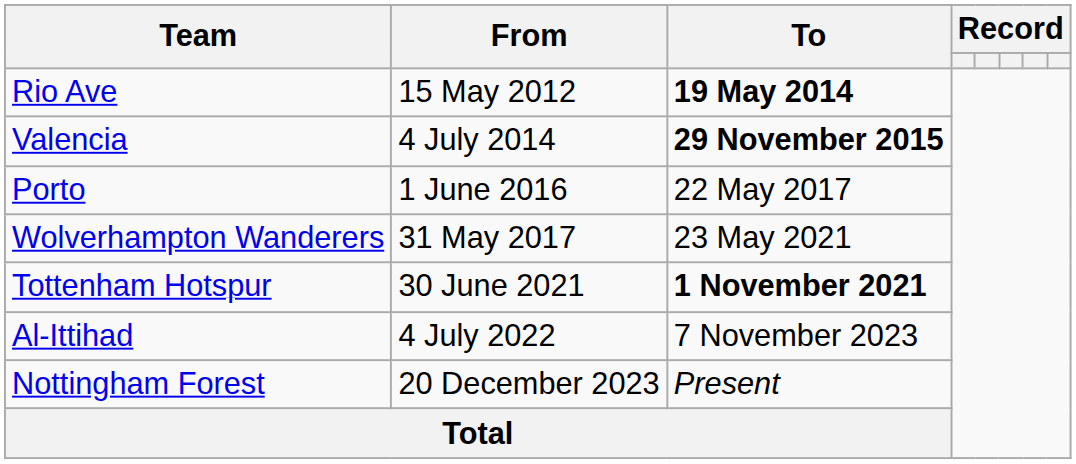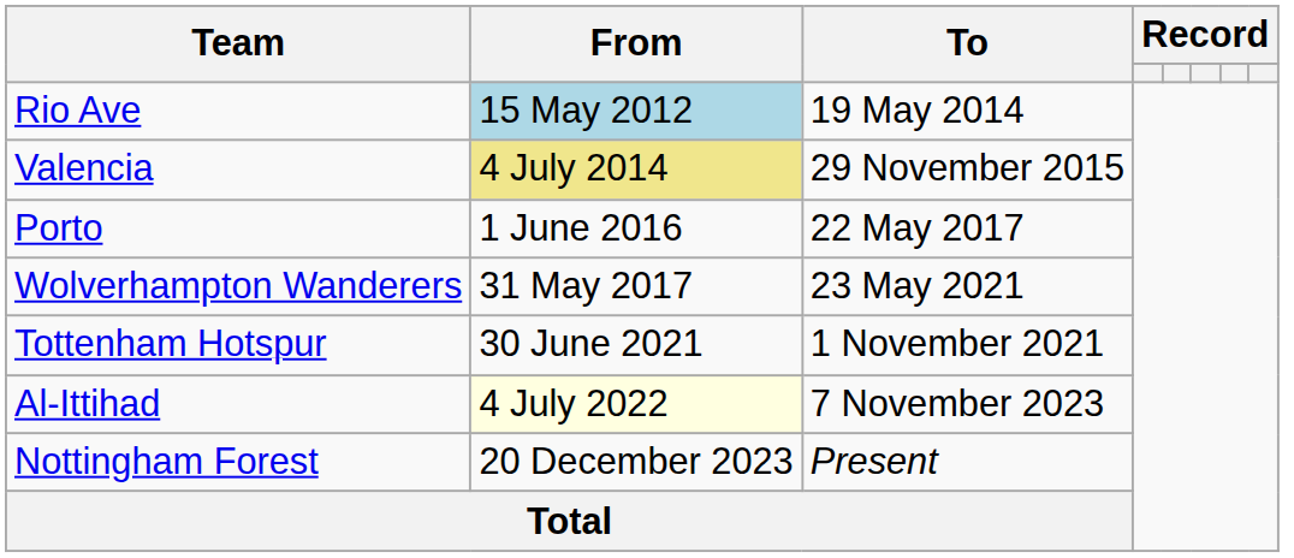 <table class="wikitable" style="text-align: center;">
 <tr>
 <th rowspan="2">Team</th>
 <th rowspan="2">From</th>
 <th rowspan="2">To</th>
 <th colspan="5">Record</th>
 </tr>
 <tr>
 <th></th>
 <th></th>
 <th></th>
 <th></th>
 <th></th>
 </tr>
 <tr>
 <td align="left"><a href='#'>Rio Ave</a></td>
-<td align="left">15 May 2012</td>
-<td align="left"><strong>19 May 2014<br></strong></td>
+<td align="left" style="background: lightblue;">15 May 2012</td>
+<td align="left">19 May 2014<br></td>
 </tr>
 <tr>
 <td align="left"><a href='#'>Valencia</a></td>
-<td align="left">4 July 2014</td>
-<td align="left"><strong>29 November 2015<br></strong></td>
+<td align="left" style="background: khaki;">4 July 2014</td>
+<td align="left">29 November 2015<br></td>
 </tr>
 <tr>
 <td align="left"><a href='#'>Porto</a></td>
 <td align="left">1 June 2016</td>
 <td align="left">22 May 2017<br></td>
 </tr>
 <tr>
 <td align="left"><a href='#'>Wolverhampton Wanderers</a></td>
 <td align="left">31 May 2017</td>
 <td align="left">23 May 2021<br></td>
 </tr>
 <tr>
 <td align="left"><a href='#'>Tottenham Hotspur</a></td>
 <td align="left">30 June 2021</td>
-<td align="left"><strong>1 November 2021<br></strong></td>
+<td align="left">1 November 2021<br></td>
 </tr>
 <tr>
 <td align="left"><a href='#'>Al-Ittihad</a></td>
-<td align="left">4 July 2022</td>
+<td align="left" style="background: lightyellow;">4 July 2022</td>
 <td align="left">7 November 2023<br></td>
 </tr>
 <tr>
 <td align="left"><a href='#'>Nottingham Forest</a></td>
 <td align="left">20 December 2023</td>
 <td align="left"><em>Present</em><br></td>
 </tr>
 <tr>
 <th colspan="3">Total<br></th>
 </tr>
 </table>
